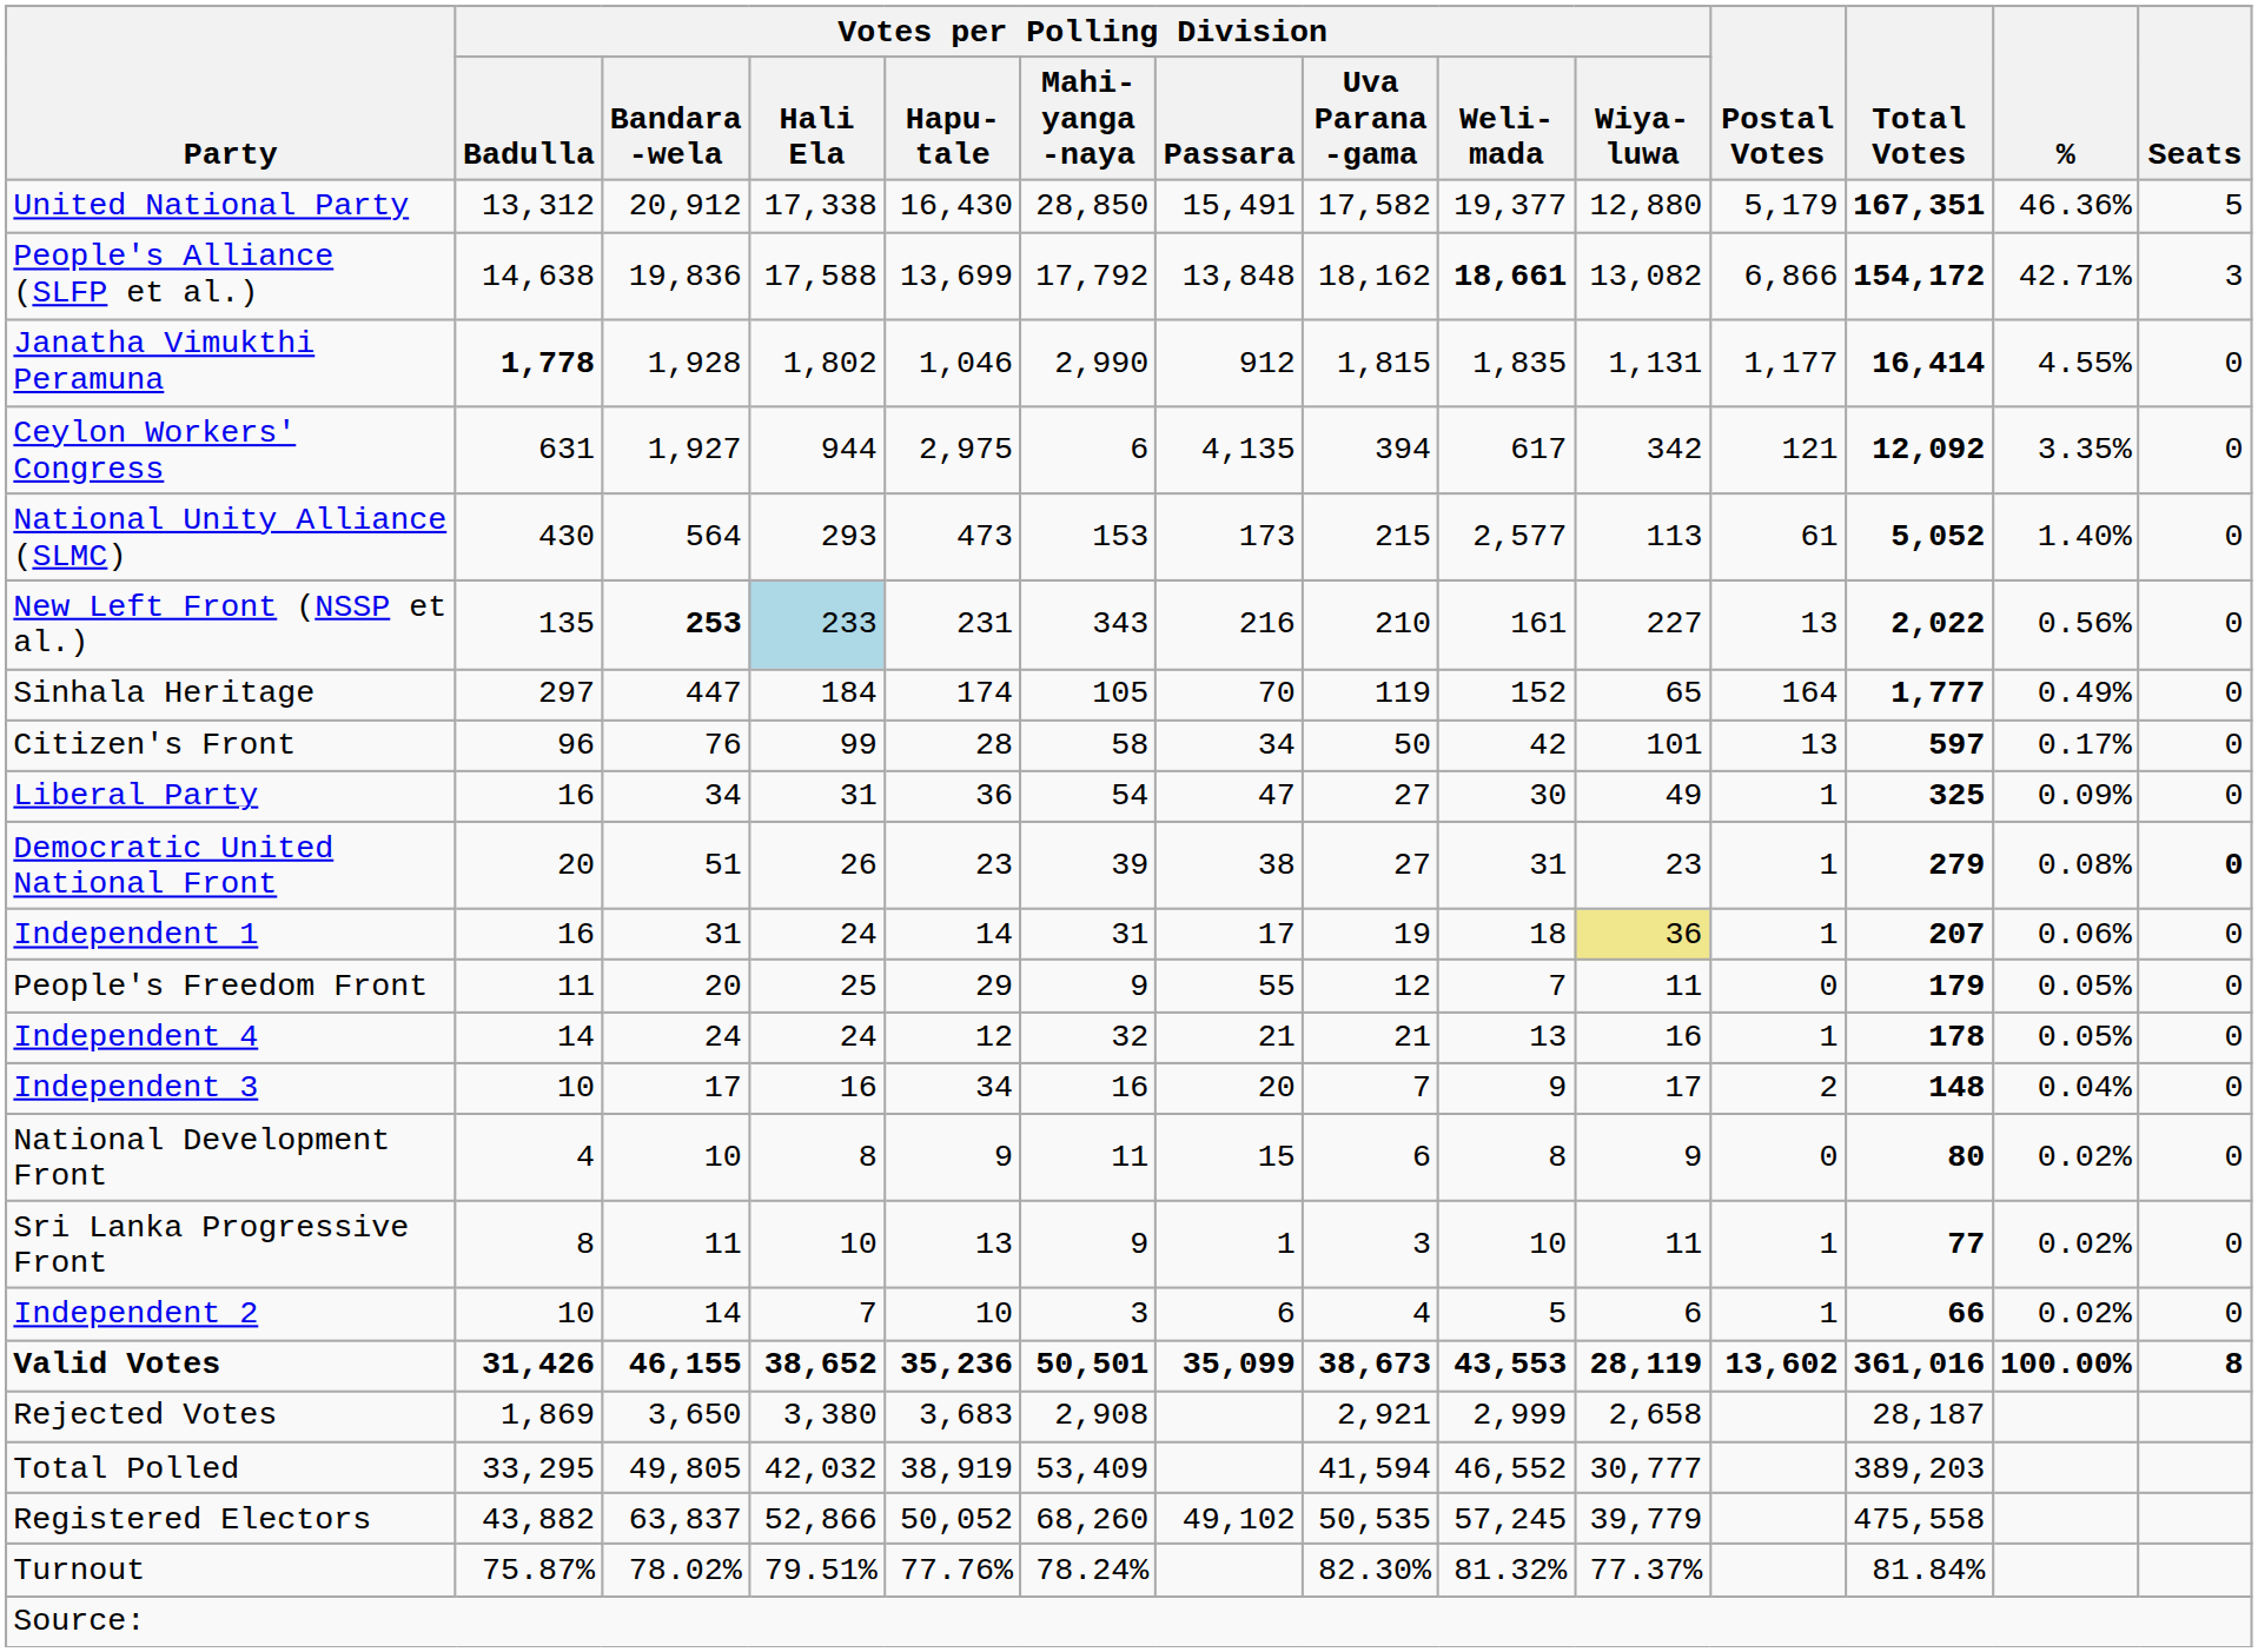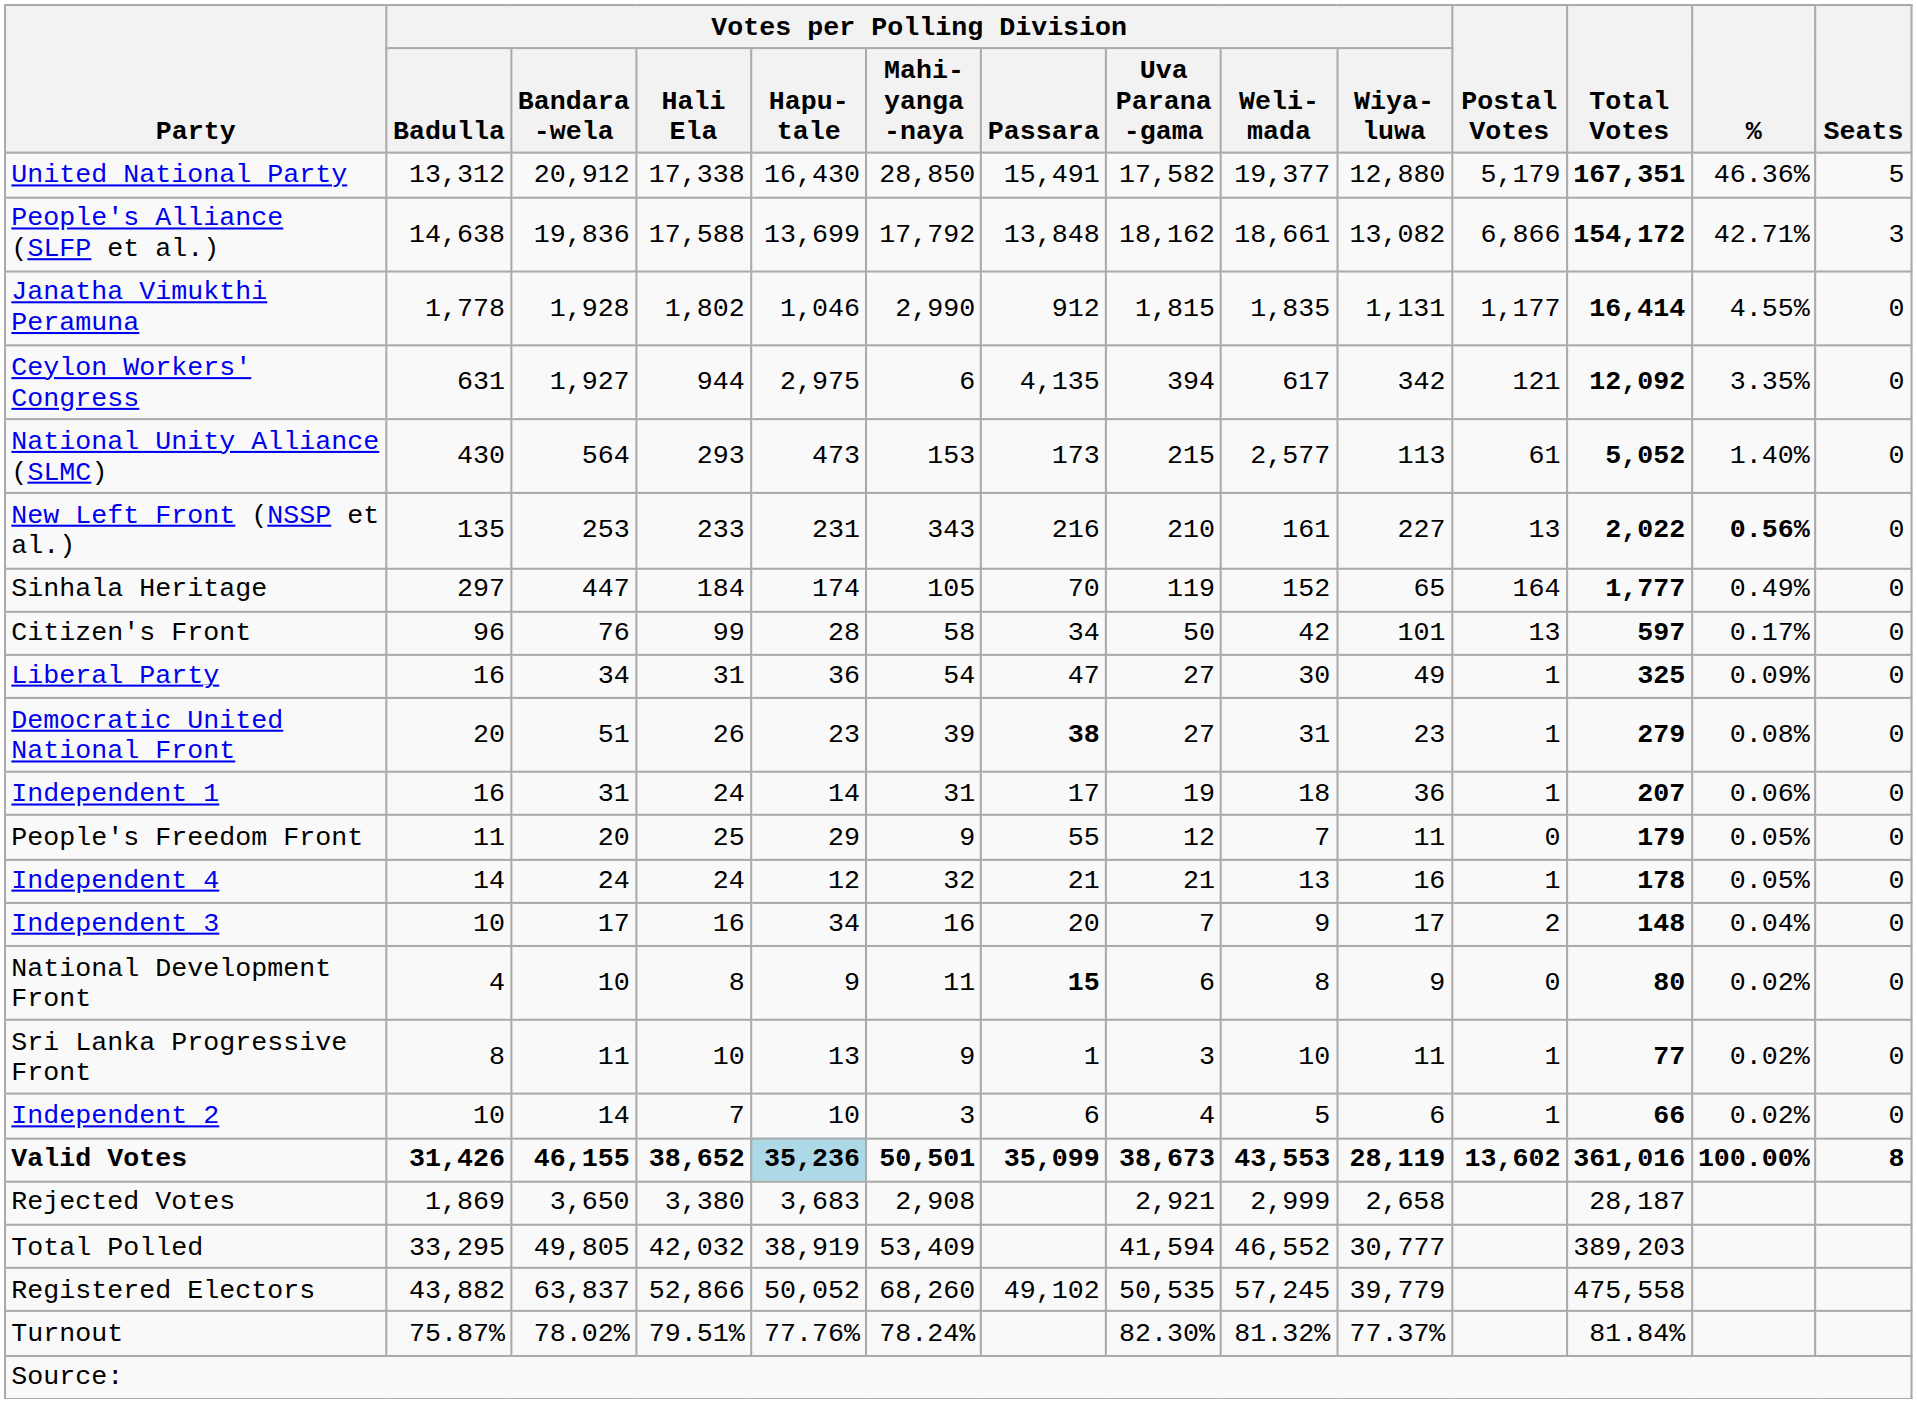 <table class="wikitable" border="1" style="text-align:right;">
 <tr>
 <th align=left valign=bottom rowspan=2 width="180">Party</th>
 <th colspan=9>Votes per Polling Division</th>
 <th align=center valign=bottom rowspan=2 width="50">Postal<br>Votes</th>
 <th align=center valign=bottom rowspan=2 width="50">Total Votes</th>
 <th align=center valign=bottom rowspan=2 width="50">%</th>
 <th align=center valign=bottom rowspan=2 width="40">Seats</th>
 </tr>
 <tr>
 <th align=center valign=bottom width="50">Badulla</th>
 <th align=center valign=bottom width="50">Bandara<br>-wela</th>
 <th align=center valign=bottom width="50">Hali<br>Ela</th>
 <th !align=center valign=bottom width="50">Hapu-<br>tale</th>
 <th align=center valign=bottom width="50">Mahi-<br>yanga<br>-naya</th>
 <th align=center valign=bottom width="50">Passara</th>
 <th align=center valign=bottom width="50">Uva<br>Parana<br>-gama</th>
 <th align=center valign=bottom width="50">Weli-<br>mada</th>
 <th align=center valign=bottom width="50">Wiya-<br>luwa</th>
 </tr>
 <tr>
 <td align=left><a href='#'>United National Party</a></td>
 <td>13,312</td>
 <td>20,912</td>
 <td>17,338</td>
 <td>16,430</td>
 <td>28,850</td>
 <td>15,491</td>
 <td>17,582</td>
 <td>19,377</td>
 <td>12,880</td>
 <td>5,179</td>
 <td><strong>167,351</strong></td>
 <td>46.36%</td>
 <td>5</td>
 </tr>
 <tr>
 <td align=left><a href='#'>People's Alliance</a><br>(<a href='#'>SLFP</a> et al.)</td>
 <td>14,638</td>
 <td>19,836</td>
 <td>17,588</td>
 <td>13,699</td>
 <td>17,792</td>
 <td>13,848</td>
 <td>18,162</td>
-<td><strong>18,661</strong></td>
+<td>18,661</td>
 <td>13,082</td>
 <td>6,866</td>
 <td><strong>154,172</strong></td>
 <td>42.71%</td>
 <td>3</td>
 </tr>
 <tr>
 <td align=left><a href='#'>Janatha Vimukthi Peramuna</a></td>
-<td><strong>1,778</strong></td>
+<td>1,778</td>
 <td>1,928</td>
 <td>1,802</td>
 <td>1,046</td>
 <td>2,990</td>
 <td>912</td>
 <td>1,815</td>
 <td>1,835</td>
 <td>1,131</td>
 <td>1,177</td>
 <td><strong>16,414</strong></td>
 <td>4.55%</td>
 <td>0</td>
 </tr>
 <tr>
 <td align=left><a href='#'>Ceylon Workers' Congress</a></td>
 <td>631</td>
 <td>1,927</td>
 <td>944</td>
 <td>2,975</td>
 <td>6</td>
 <td>4,135</td>
 <td>394</td>
 <td>617</td>
 <td>342</td>
 <td>121</td>
 <td><strong>12,092</strong></td>
 <td>3.35%</td>
 <td>0</td>
 </tr>
 <tr>
 <td align=left><a href='#'>National Unity Alliance</a> (<a href='#'>SLMC</a>)</td>
 <td>430</td>
 <td>564</td>
 <td>293</td>
 <td>473</td>
 <td>153</td>
 <td>173</td>
 <td>215</td>
 <td>2,577</td>
 <td>113</td>
 <td>61</td>
 <td><strong>5,052</strong></td>
 <td>1.40%</td>
 <td>0</td>
 </tr>
 <tr>
 <td align=left><a href='#'>New Left Front</a> (<a href='#'>NSSP</a> et al.)</td>
 <td>135</td>
-<td><strong>253</strong></td>
-<td style="background: lightblue;">233</td>
+<td>253</td>
+<td>233</td>
 <td>231</td>
 <td>343</td>
 <td>216</td>
 <td>210</td>
 <td>161</td>
 <td>227</td>
 <td>13</td>
 <td><strong>2,022</strong></td>
-<td>0.56%</td>
+<td><strong>0.56%</strong></td>
 <td>0</td>
 </tr>
 <tr>
 <td align=left>Sinhala Heritage</td>
 <td>297</td>
 <td>447</td>
 <td>184</td>
 <td>174</td>
 <td>105</td>
 <td>70</td>
 <td>119</td>
 <td>152</td>
 <td>65</td>
 <td>164</td>
 <td><strong>1,777</strong></td>
 <td>0.49%</td>
 <td>0</td>
 </tr>
 <tr>
 <td align=left>Citizen's Front</td>
 <td>96</td>
 <td>76</td>
 <td>99</td>
 <td>28</td>
 <td>58</td>
 <td>34</td>
 <td>50</td>
 <td>42</td>
 <td>101</td>
 <td>13</td>
 <td><strong>597</strong></td>
 <td>0.17%</td>
 <td>0</td>
 </tr>
 <tr>
 <td align=left><a href='#'>Liberal Party</a></td>
 <td>16</td>
 <td>34</td>
 <td>31</td>
 <td>36</td>
 <td>54</td>
 <td>47</td>
 <td>27</td>
 <td>30</td>
 <td>49</td>
 <td>1</td>
 <td><strong>325</strong></td>
 <td>0.09%</td>
 <td>0</td>
 </tr>
 <tr>
 <td align=left><a href='#'>Democratic United National Front</a></td>
 <td>20</td>
 <td>51</td>
 <td>26</td>
 <td>23</td>
 <td>39</td>
-<td>38</td>
+<td><strong>38</strong></td>
 <td>27</td>
 <td>31</td>
 <td>23</td>
 <td>1</td>
 <td><strong>279</strong></td>
 <td>0.08%</td>
-<td><strong>0</strong></td>
+<td>0</td>
 </tr>
 <tr>
 <td align=left><a href='#'>Independent 1</a></td>
 <td>16</td>
 <td>31</td>
 <td>24</td>
 <td>14</td>
 <td>31</td>
 <td>17</td>
 <td>19</td>
 <td>18</td>
-<td style="background: khaki;">36</td>
+<td>36</td>
 <td>1</td>
 <td><strong>207</strong></td>
 <td>0.06%</td>
 <td>0</td>
 </tr>
 <tr>
 <td align=left>People's Freedom Front</td>
 <td>11</td>
 <td>20</td>
 <td>25</td>
 <td>29</td>
 <td>9</td>
 <td>55</td>
 <td>12</td>
 <td>7</td>
 <td>11</td>
 <td>0</td>
 <td><strong>179</strong></td>
 <td>0.05%</td>
 <td>0</td>
 </tr>
 <tr>
 <td align=left><a href='#'>Independent 4</a></td>
 <td>14</td>
 <td>24</td>
 <td>24</td>
 <td>12</td>
 <td>32</td>
 <td>21</td>
 <td>21</td>
 <td>13</td>
 <td>16</td>
 <td>1</td>
 <td><strong>178</strong></td>
 <td>0.05%</td>
 <td>0</td>
 </tr>
 <tr>
 <td align=left><a href='#'>Independent 3</a></td>
 <td>10</td>
 <td>17</td>
 <td>16</td>
 <td>34</td>
 <td>16</td>
 <td>20</td>
 <td>7</td>
 <td>9</td>
 <td>17</td>
 <td>2</td>
 <td><strong>148</strong></td>
 <td>0.04%</td>
 <td>0</td>
 </tr>
 <tr>
 <td align=left>National Development Front</td>
 <td>4</td>
 <td>10</td>
 <td>8</td>
 <td>9</td>
 <td>11</td>
-<td>15</td>
+<td><strong>15</strong></td>
 <td>6</td>
 <td>8</td>
 <td>9</td>
 <td>0</td>
 <td><strong>80</strong></td>
 <td>0.02%</td>
 <td>0</td>
 </tr>
 <tr>
 <td align=left>Sri Lanka Progressive Front</td>
 <td>8</td>
 <td>11</td>
 <td>10</td>
 <td>13</td>
 <td>9</td>
 <td>1</td>
 <td>3</td>
 <td>10</td>
 <td>11</td>
 <td>1</td>
 <td><strong>77</strong></td>
 <td>0.02%</td>
 <td>0</td>
 </tr>
 <tr>
 <td align=left><a href='#'>Independent 2</a></td>
 <td>10</td>
 <td>14</td>
 <td>7</td>
 <td>10</td>
 <td>3</td>
 <td>6</td>
 <td>4</td>
 <td>5</td>
 <td>6</td>
 <td>1</td>
 <td><strong>66</strong></td>
 <td>0.02%</td>
 <td>0</td>
 </tr>
 <tr>
 <td align=left><strong>Valid Votes</strong></td>
 <td><strong>31,426</strong></td>
 <td><strong>46,155</strong></td>
 <td><strong>38,652</strong></td>
-<td><strong>35,236</strong></td>
+<td style="background: lightblue;"><strong>35,236</strong></td>
 <td><strong>50,501</strong></td>
 <td><strong>35,099</strong></td>
 <td><strong>38,673</strong></td>
 <td><strong>43,553</strong></td>
 <td><strong>28,119</strong></td>
 <td><strong>13,602</strong></td>
 <td><strong>361,016</strong></td>
 <td><strong>100.00%</strong></td>
 <td><strong>8</strong></td>
 </tr>
 <tr>
 <td align=left>Rejected Votes</td>
 <td>1,869</td>
 <td>3,650</td>
 <td>3,380</td>
 <td>3,683</td>
 <td>2,908</td>
 <td></td>
 <td>2,921</td>
 <td>2,999</td>
 <td>2,658</td>
 <td></td>
 <td>28,187</td>
 <td></td>
 <td></td>
 </tr>
 <tr>
 <td align=left>Total Polled</td>
 <td>33,295</td>
 <td>49,805</td>
 <td>42,032</td>
 <td>38,919</td>
 <td>53,409</td>
 <td></td>
 <td>41,594</td>
 <td>46,552</td>
 <td>30,777</td>
 <td></td>
 <td>389,203</td>
 <td></td>
 <td></td>
 </tr>
 <tr>
 <td align=left>Registered Electors</td>
 <td>43,882</td>
 <td>63,837</td>
 <td>52,866</td>
 <td>50,052</td>
 <td>68,260</td>
 <td>49,102</td>
 <td>50,535</td>
 <td>57,245</td>
 <td>39,779</td>
 <td></td>
 <td>475,558</td>
 <td></td>
 <td></td>
 </tr>
 <tr>
 <td align=left>Turnout</td>
 <td>75.87%</td>
 <td>78.02%</td>
 <td>79.51%</td>
 <td>77.76%</td>
 <td>78.24%</td>
 <td></td>
 <td>82.30%</td>
 <td>81.32%</td>
 <td>77.37%</td>
 <td></td>
 <td>81.84%</td>
 <td></td>
 <td></td>
 </tr>
 <tr>
 <td align=left colspan=15>Source:</td>
 </tr>
 </table>
